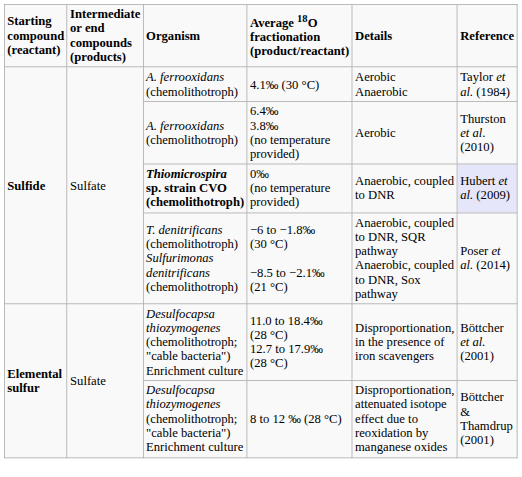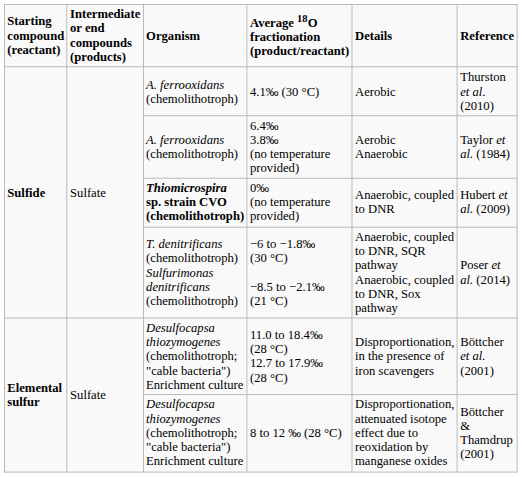 <table class="wikitable">
 <tr>
 <td style="width: 14%"><strong>Starting compound (reactant)</strong></td>
 <td style="width: 12%"><strong>Intermediate or end compounds<br>(products)</strong></td>
 <td style="width: 22%"><strong>Organism</strong></td>
 <td style="width: 17%"><strong>Average <sup>18</sup>O fractionation (product/reactant)</strong></td>
 <td style="width: 26%"><strong>Details</strong></td>
 <td><strong>Reference</strong></td>
 </tr>
 <tr>
 <td rowspan="4"><strong>Sulfide</strong></td>
 <td rowspan="4">Sulfate</td>
 <td><em>A. ferrooxidans</em> (chemolithotroph)</td>
 <td>4.1‰ (30 °C)</td>
-<td>Aerobic<br>Anaerobic</td>
-<td>Taylor <em>et al.</em> (1984)</td>
+<td>Aerobic</td>
+<td>Thurston <em>et al</em>. (2010)</td>
 </tr>
 <tr>
 <td><em>A. ferrooxidans</em> (chemolithotroph)</td>
 <td>6.4‰ <br>3.8‰<br>(no temperature provided)</td>
-<td>Aerobic</td>
-<td>Thurston <em>et al</em>. (2010)</td>
+<td>Aerobic<br>Anaerobic</td>
+<td>Taylor <em>et al.</em> (1984)</td>
 </tr>
 <tr>
 <td><strong><em>Thiomicrospira</em> sp. strain CVO (chemolithotroph)</strong></td>
 <td>0‰<br>(no temperature provided)</td>
 <td>Anaerobic, coupled to DNR</td>
-<td style="background: lavender;">Hubert <em>et al.</em> (2009)</td>
+<td>Hubert <em>et al.</em> (2009)</td>
 </tr>
 <tr>
 <td><em>T. denitrificans</em> (chemolithotroph)<br><em>Sulfurimonas denitrificans</em><br>(chemolithotroph)</td>
 <td>−6 to −1.8‰ (30 °C)<br><br>−8.5 to −2.1‰ (21 °C)</td>
 <td>Anaerobic, coupled to DNR, SQR pathway<br>Anaerobic, coupled to DNR, Sox pathway</td>
 <td>Poser <em>et al.</em> (2014)</td>
 </tr>
 <tr>
 <td rowspan="2"><strong>Elemental sulfur</strong></td>
 <td rowspan="2">Sulfate</td>
 <td><em>Desulfocapsa thiozymogenes</em><br>(chemolithotroph; "cable bacteria")<br>Enrichment culture</td>
 <td>11.0 to 18.4‰ (28 °C)<br>12.7 to 17.9‰ (28 °C)</td>
 <td>Disproportionation, in the presence of iron scavengers</td>
 <td>Böttcher <em>et al.</em> (2001)</td>
 </tr>
 <tr>
 <td><em>Desulfocapsa thiozymogenes</em><br>(chemolithotroph; "cable bacteria") Enrichment culture</td>
 <td>8 to 12 ‰ (28 °C)</td>
 <td>Disproportionation, attenuated isotope effect due to reoxidation by manganese oxides</td>
 <td>Böttcher & Thamdrup (2001)</td>
 </tr>
 </table>
